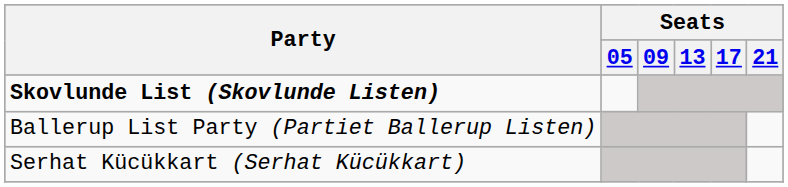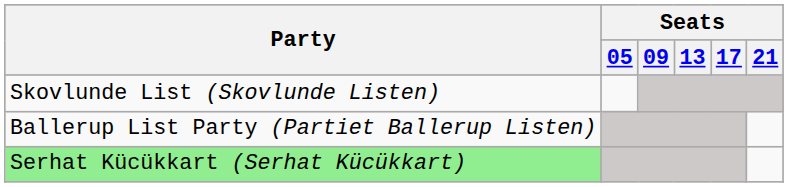 <table class="wikitable">
 <tr>
 <th rowspan=2>Party</th>
 <th colspan=11>Seats</th>
 </tr>
 <tr>
 <th><a href='#'>05</a></th>
 <th><a href='#'>09</a></th>
 <th><a href='#'>13</a></th>
 <th><a href='#'>17</a></th>
 <th><a href='#'>21</a></th>
 </tr>
 <tr>
-<td><strong>Skovlunde List <em>(Skovlunde Listen)</em></strong></td>
+<td>Skovlunde List <em>(Skovlunde Listen)</em></td>
 <td></td>
 <td style="background:#CDC9C9;" colspan=4></td>
 </tr>
 <tr>
 <td>Ballerup List Party <em>(Partiet Ballerup Listen)</em></td>
 <td style="background:#CDC9C9;" colspan=4></td>
 <td></td>
 </tr>
 <tr>
-<td>Serhat Kücükkart <em>(Serhat Kücükkart)</em></td>
+<td style="background: lightgreen;">Serhat Kücükkart <em>(Serhat Kücükkart)</em></td>
 <td style="background:#CDC9C9;" colspan=4></td>
 <td></td>
 </tr>
 </table>
